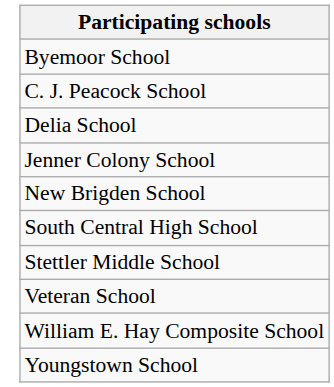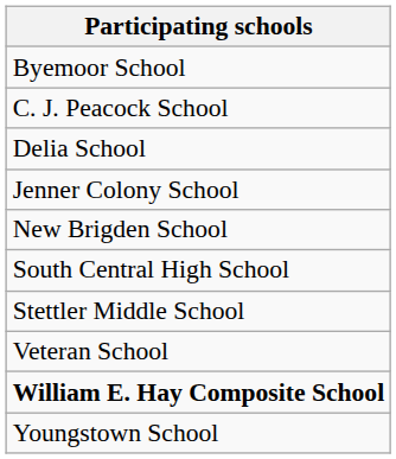 <table class="wikitable" align=right>
 <tr>
 <th>Participating schools</th>
 </tr>
 <tr>
 <td>Byemoor School</td>
 </tr>
 <tr>
 <td>C. J. Peacock School</td>
 </tr>
 <tr>
 <td>Delia School</td>
 </tr>
 <tr>
 <td>Jenner Colony School</td>
 </tr>
 <tr>
 <td>New Brigden School</td>
 </tr>
 <tr>
 <td>South Central High School</td>
 </tr>
 <tr>
 <td>Stettler Middle School</td>
 </tr>
 <tr>
 <td>Veteran School</td>
 </tr>
 <tr>
-<td>William E. Hay Composite School</td>
+<td><strong>William E. Hay Composite School</strong></td>
 </tr>
 <tr>
 <td>Youngstown School</td>
 </tr>
 </table>
